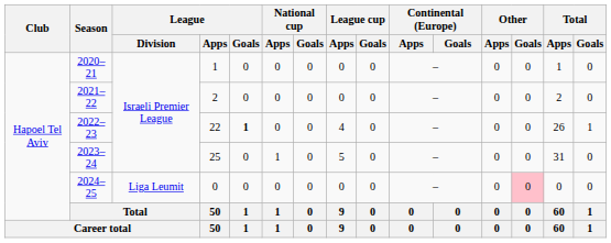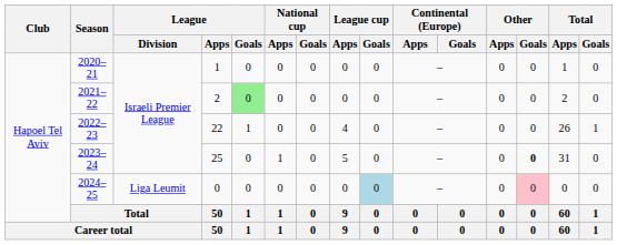 <table class="wikitable" style="text-align:center">
 <tr>
 <th rowspan="2">Club</th>
 <th rowspan="2">Season</th>
 <th colspan="3">League</th>
 <th colspan="2">National cup</th>
 <th colspan="2">League cup</th>
 <th colspan="2">Continental (Europe)</th>
 <th colspan="2">Other</th>
 <th colspan="2">Total</th>
 </tr>
 <tr>
 <th>Division</th>
 <th>Apps</th>
 <th>Goals</th>
 <th>Apps</th>
 <th>Goals</th>
 <th>Apps</th>
 <th>Goals</th>
 <th>Apps</th>
 <th>Goals</th>
 <th>Apps</th>
 <th>Goals</th>
 <th>Apps</th>
 <th>Goals</th>
 </tr>
 <tr>
 <td rowspan="6"><a href='#'>Hapoel Tel Aviv</a></td>
 <td><a href='#'>2020–21</a></td>
 <td rowspan="4"><a href='#'>Israeli Premier League</a></td>
 <td>1</td>
 <td>0</td>
 <td>0</td>
 <td>0</td>
 <td>0</td>
 <td>0</td>
 <td colspan="2">–</td>
 <td>0</td>
 <td>0</td>
 <td>1</td>
 <td>0</td>
 </tr>
 <tr>
 <td><a href='#'>2021–22</a></td>
 <td>2</td>
-<td>0</td>
+<td style="background: lightgreen;">0</td>
 <td>0</td>
 <td>0</td>
 <td>0</td>
 <td>0</td>
 <td colspan="2">–</td>
 <td>0</td>
 <td>0</td>
 <td>2</td>
 <td>0</td>
 </tr>
 <tr>
 <td><a href='#'>2022–23</a></td>
 <td>22</td>
-<td><strong>1</strong></td>
+<td>1</td>
 <td>0</td>
 <td>0</td>
 <td>4</td>
 <td>0</td>
 <td colspan="2">–</td>
 <td>0</td>
 <td>0</td>
 <td>26</td>
 <td>1</td>
 </tr>
 <tr>
 <td><a href='#'>2023–24</a></td>
 <td>25</td>
 <td>0</td>
 <td>1</td>
 <td>0</td>
 <td>5</td>
 <td>0</td>
 <td colspan="2">–</td>
 <td>0</td>
-<td>0</td>
+<td><strong>0</strong></td>
 <td>31</td>
 <td>0</td>
 </tr>
 <tr>
 <td><a href='#'>2024–25</a></td>
 <td rowspan="1"><a href='#'>Liga Leumit</a></td>
 <td>0</td>
 <td>0</td>
 <td>0</td>
 <td>0</td>
 <td>0</td>
-<td>0</td>
+<td style="background: lightblue;">0</td>
 <td colspan="2">–</td>
 <td>0</td>
 <td style="background: pink;">0</td>
 <td>0</td>
 <td>0</td>
 </tr>
 <tr>
 <th colspan="2"><strong>Total</strong></th>
 <th>50</th>
 <th>1</th>
 <th>1</th>
 <th>0</th>
 <th>9</th>
 <th>0</th>
 <th>0</th>
 <th>0</th>
 <th>0</th>
 <th>0</th>
 <th>60</th>
 <th>1</th>
 </tr>
 <tr>
 <th colspan="3"><strong>Career total</strong></th>
 <th>50</th>
 <th>1</th>
 <th>1</th>
 <th>0</th>
 <th>9</th>
 <th>0</th>
 <th>0</th>
 <th>0</th>
 <th>0</th>
 <th>0</th>
 <th>60</th>
 <th>1</th>
 </tr>
 </table>
